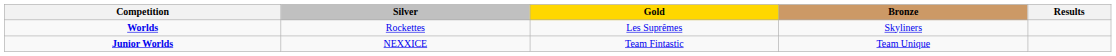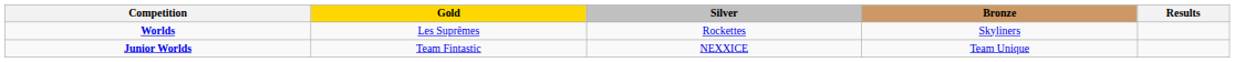 <table class="wikitable" style="text-align:center; width:90%;">
 <tr>
 <th scope="col" style="text-align:center; width:25%;">Competition</th>
+<td scope="col" style="text-align:center; width:22.5%; background:gold"><strong>Gold</strong></td>
 <td scope="col" style="text-align:center; width:22.5%; background:silver"><strong>Silver</strong></td>
-<td scope="col" style="text-align:center; width:22.5%; background:gold"><strong>Gold</strong></td>
 <td scope="col" style="text-align:center; width:22.5%; background:#c96"><strong>Bronze</strong></td>
 <th scope="col" style="text-align:center; width:7.5%;">Results</th>
 </tr>
 <tr>
 <td align="center"><strong><a href='#'>Worlds</a></strong></td>
+<td><a href='#'>Les Suprêmes</a></td>
 <td><a href='#'>Rockettes</a></td>
-<td><a href='#'>Les Suprêmes</a></td>
 <td><a href='#'>Skyliners</a></td>
 <td align="center"></td>
 </tr>
 <tr>
 <td align="center"><a href='#'><strong>Junior Worlds</strong></a></td>
+<td><a href='#'>Team Fintastic</a></td>
 <td><a href='#'>NEXXICE</a></td>
-<td><a href='#'>Team Fintastic</a></td>
 <td><a href='#'>Team Unique</a></td>
 <td align="center"></td>
 </tr>
 </table>
